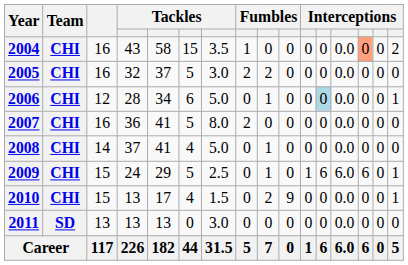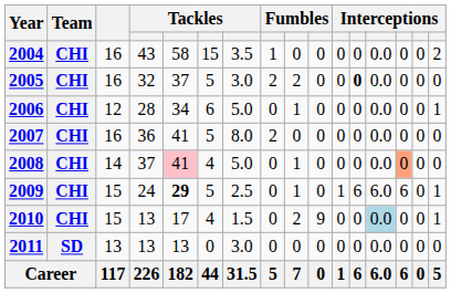 <table class="wikitable" style="text-align:center;">
 <tr>
 <th rowspan="2">Year</th>
 <th rowspan="2">Team</th>
 <th rowspan="2"></th>
 <th colspan="4">Tackles</th>
 <th colspan="3">Fumbles</th>
 <th colspan="6">Interceptions</th>
 </tr>
 <tr>
 <th></th>
 <th></th>
 <th></th>
 <th></th>
 <th></th>
 <th></th>
 <th></th>
 <th></th>
 <th></th>
 <th></th>
 <th></th>
 <th></th>
 <th></th>
 </tr>
 <tr>
 <th><a href='#'>2004</a></th>
 <th><a href='#'>CHI</a></th>
 <td>16</td>
 <td>43</td>
 <td>58</td>
 <td>15</td>
 <td>3.5</td>
 <td>1</td>
 <td>0</td>
 <td>0</td>
 <td>0</td>
 <td>0</td>
 <td>0.0</td>
-<td style="background: lightsalmon;">0</td>
+<td>0</td>
 <td>0</td>
 <td>2</td>
 </tr>
 <tr>
 <th><a href='#'>2005</a></th>
 <th><a href='#'>CHI</a></th>
 <td>16</td>
 <td>32</td>
 <td>37</td>
 <td>5</td>
 <td>3.0</td>
 <td>2</td>
 <td>2</td>
 <td>0</td>
 <td>0</td>
-<td>0</td>
+<td><strong>0</strong></td>
 <td>0.0</td>
 <td>0</td>
 <td>0</td>
 <td>0</td>
 </tr>
 <tr>
 <th><a href='#'>2006</a></th>
 <th><a href='#'>CHI</a></th>
 <td>12</td>
 <td>28</td>
 <td>34</td>
 <td>6</td>
 <td>5.0</td>
 <td>0</td>
 <td>1</td>
 <td>0</td>
 <td>0</td>
-<td style="background: lightblue;">0</td>
+<td>0</td>
 <td>0.0</td>
 <td>0</td>
 <td>0</td>
 <td>1</td>
 </tr>
 <tr>
 <th><a href='#'>2007</a></th>
 <th><a href='#'>CHI</a></th>
 <td>16</td>
 <td>36</td>
 <td>41</td>
 <td>5</td>
 <td>8.0</td>
 <td>2</td>
 <td>0</td>
 <td>0</td>
 <td>0</td>
 <td>0</td>
 <td>0.0</td>
 <td>0</td>
 <td>0</td>
 <td>0</td>
 </tr>
 <tr>
 <th><a href='#'>2008</a></th>
 <th><a href='#'>CHI</a></th>
 <td>14</td>
 <td>37</td>
-<td>41</td>
+<td style="background: pink;">41</td>
 <td>4</td>
 <td>5.0</td>
 <td>0</td>
 <td>1</td>
 <td>0</td>
 <td>0</td>
 <td>0</td>
 <td>0.0</td>
-<td>0</td>
+<td style="background: lightsalmon;">0</td>
 <td>0</td>
 <td>0</td>
 </tr>
 <tr>
 <th><a href='#'>2009</a></th>
 <th><a href='#'>CHI</a></th>
 <td>15</td>
 <td>24</td>
-<td>29</td>
+<td><strong>29</strong></td>
 <td>5</td>
 <td>2.5</td>
 <td>0</td>
 <td>1</td>
 <td>0</td>
 <td>1</td>
 <td>6</td>
 <td>6.0</td>
 <td>6</td>
 <td>0</td>
 <td>1</td>
 </tr>
 <tr>
 <th><a href='#'>2010</a></th>
 <th><a href='#'>CHI</a></th>
 <td>15</td>
 <td>13</td>
 <td>17</td>
 <td>4</td>
 <td>1.5</td>
 <td>0</td>
 <td>2</td>
 <td>9</td>
 <td>0</td>
 <td>0</td>
-<td>0.0</td>
+<td style="background: lightblue;">0.0</td>
 <td>0</td>
 <td>0</td>
 <td>1</td>
 </tr>
 <tr>
 <th><a href='#'>2011</a></th>
 <th><a href='#'>SD</a></th>
 <td>13</td>
 <td>13</td>
 <td>13</td>
 <td>0</td>
 <td>3.0</td>
 <td>0</td>
 <td>0</td>
 <td>0</td>
 <td>0</td>
 <td>0</td>
 <td>0.0</td>
 <td>0</td>
 <td>0</td>
 <td>0</td>
 </tr>
 <tr>
 <th colspan="2">Career</th>
 <th>117</th>
 <th>226</th>
 <th>182</th>
 <th>44</th>
 <th>31.5</th>
 <th>5</th>
 <th>7</th>
 <th>0</th>
 <th>1</th>
 <th>6</th>
 <th>6.0</th>
 <th>6</th>
 <th>0</th>
 <th>5</th>
 </tr>
 </table>
